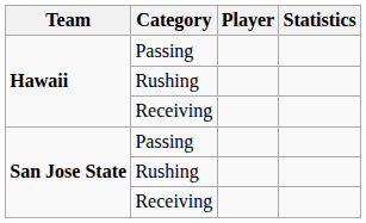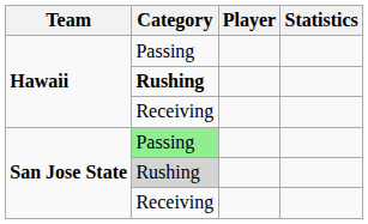 <table class="wikitable" style="float: right;">
 <tr>
 <th>Team</th>
 <th>Category</th>
 <th>Player</th>
 <th>Statistics</th>
 </tr>
 <tr>
 <td rowspan=3><strong>Hawaii</strong></td>
 <td>Passing</td>
 <td></td>
 <td></td>
 </tr>
 <tr>
-<td>Rushing</td>
+<td><strong>Rushing</strong></td>
 <td></td>
 <td></td>
 </tr>
 <tr>
 <td>Receiving</td>
 <td></td>
 <td></td>
 </tr>
 <tr>
 <td rowspan=3><strong>San Jose State</strong></td>
-<td>Passing</td>
+<td style="background: lightgreen;">Passing</td>
 <td></td>
 <td></td>
 </tr>
 <tr>
-<td>Rushing</td>
+<td style="background: lightgrey;">Rushing</td>
 <td></td>
 <td></td>
 </tr>
 <tr>
 <td>Receiving</td>
 <td></td>
 <td></td>
 </tr>
 </table>
